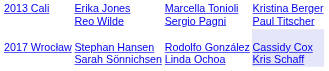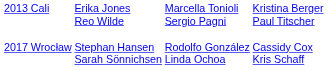 <table>
 <tr>
 <td><a href='#'>2013 Cali</a></td>
 <td><br><a href='#'>Erika Jones</a><br><a href='#'>Reo Wilde</a></td>
 <td><br><a href='#'>Marcella Tonioli</a><br><a href='#'>Sergio Pagni</a></td>
 <td><br><a href='#'>Kristina Berger</a><br><a href='#'>Paul Titscher</a></td>
 </tr>
 <tr>
 <td><a href='#'>2017 Wrocław</a></td>
 <td><br><a href='#'>Stephan Hansen</a><br><a href='#'>Sarah Sönnichsen</a></td>
 <td><br><a href='#'>Rodolfo González</a><br><a href='#'>Linda Ochoa</a></td>
-<td style="background: lavender;"><br><a href='#'>Cassidy Cox</a><br><a href='#'>Kris Schaff</a></td>
+<td><br><a href='#'>Cassidy Cox</a><br><a href='#'>Kris Schaff</a></td>
 </tr>
 </table>
